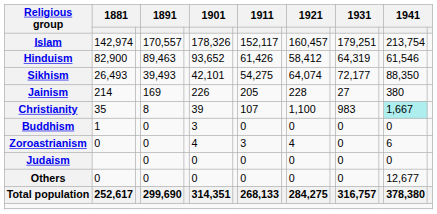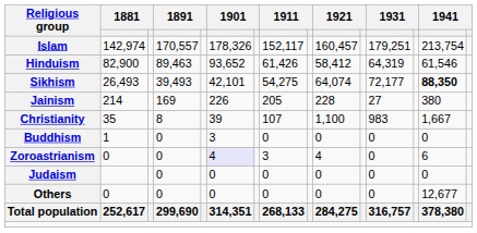 <table class="wikitable sortable">
 <tr>
 <th rowspan="2"><a href='#'>Religious</a><br>group</th>
 <th colspan="2">1881</th>
 <th colspan="2">1891</th>
 <th colspan="2">1901</th>
 <th colspan="2">1911</th>
 <th colspan="2">1921</th>
 <th colspan="2">1931</th>
 <th colspan="2">1941</th>
 </tr>
 <tr>
 <th><a href='#'></a></th>
 <th></th>
 <th></th>
 <th></th>
 <th></th>
 <th></th>
 <th></th>
 <th></th>
 <th></th>
 <th></th>
 <th></th>
 <th></th>
 <th></th>
 <th></th>
 </tr>
 <tr>
 <th><a href='#'>Islam</a> </th>
 <td>142,974</td>
 <td></td>
 <td>170,557</td>
 <td></td>
 <td>178,326</td>
 <td></td>
 <td>152,117</td>
 <td></td>
 <td>160,457</td>
 <td></td>
 <td>179,251</td>
 <td></td>
 <td>213,754</td>
 <td></td>
 </tr>
 <tr>
 <th><a href='#'>Hinduism</a> </th>
 <td>82,900</td>
 <td></td>
 <td>89,463</td>
 <td></td>
 <td>93,652</td>
 <td></td>
 <td>61,426</td>
 <td></td>
 <td>58,412</td>
 <td></td>
 <td>64,319</td>
 <td></td>
 <td>61,546</td>
 <td></td>
 </tr>
 <tr>
 <th><a href='#'>Sikhism</a> </th>
 <td>26,493</td>
 <td></td>
 <td>39,493</td>
 <td></td>
 <td>42,101</td>
 <td></td>
 <td>54,275</td>
 <td></td>
 <td>64,074</td>
 <td></td>
 <td>72,177</td>
 <td></td>
-<td>88,350</td>
+<td><strong>88,350</strong></td>
 <td></td>
 </tr>
 <tr>
 <th><a href='#'>Jainism</a> </th>
 <td>214</td>
 <td></td>
 <td>169</td>
 <td></td>
 <td>226</td>
 <td></td>
 <td>205</td>
 <td></td>
 <td>228</td>
 <td></td>
 <td>27</td>
 <td></td>
 <td>380</td>
 <td></td>
 </tr>
 <tr>
 <th><a href='#'>Christianity</a> </th>
 <td>35</td>
 <td></td>
 <td>8</td>
 <td></td>
 <td>39</td>
 <td></td>
 <td>107</td>
 <td></td>
 <td>1,100</td>
 <td></td>
 <td>983</td>
 <td></td>
-<td style="background: paleturquoise;">1,667</td>
+<td>1,667</td>
 <td></td>
 </tr>
 <tr>
 <th><a href='#'>Buddhism</a> </th>
 <td>1</td>
 <td></td>
 <td>0</td>
 <td></td>
 <td>3</td>
 <td></td>
 <td>0</td>
 <td></td>
 <td>0</td>
 <td></td>
 <td>0</td>
 <td></td>
 <td>0</td>
 <td></td>
 </tr>
 <tr>
 <th><a href='#'>Zoroastrianism</a> </th>
 <td>0</td>
 <td></td>
 <td>0</td>
 <td></td>
-<td>4</td>
+<td style="background: lavender;">4</td>
 <td></td>
 <td>3</td>
 <td></td>
 <td>4</td>
 <td></td>
 <td>0</td>
 <td></td>
 <td>6</td>
 <td></td>
 </tr>
 <tr>
 <th><a href='#'>Judaism</a> </th>
 <td></td>
 <td></td>
 <td>0</td>
 <td></td>
 <td>0</td>
 <td></td>
 <td>0</td>
 <td></td>
 <td>0</td>
 <td></td>
 <td>0</td>
 <td></td>
 <td>0</td>
 <td></td>
 </tr>
 <tr>
 <th>Others</th>
 <td>0</td>
 <td></td>
 <td>0</td>
 <td></td>
 <td>0</td>
 <td></td>
 <td>0</td>
 <td></td>
 <td>0</td>
 <td></td>
 <td>0</td>
 <td></td>
 <td>12,677</td>
 <td></td>
 </tr>
 <tr>
 <th>Total population</th>
 <th>252,617</th>
 <th></th>
 <th>299,690</th>
 <th></th>
 <th>314,351</th>
 <th></th>
 <th>268,133</th>
 <th></th>
 <th>284,275</th>
 <th></th>
 <th>316,757</th>
 <th></th>
 <th>378,380</th>
 <th></th>
 </tr>
 <tr class="sortbottom">
 <td colspan="15"></td>
 </tr>
 </table>
